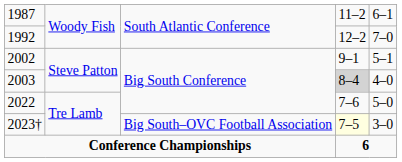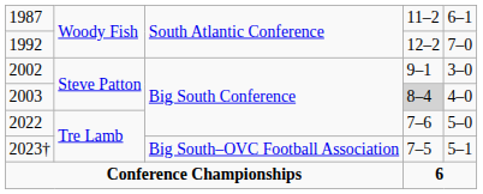 <table class="wikitable">
 <tr>
 <td>1987</td>
 <td rowspan="2"><a href='#'>Woody Fish</a></td>
 <td rowspan="2"><a href='#'>South Atlantic Conference</a></td>
 <td>11–2</td>
 <td>6–1</td>
 </tr>
 <tr>
 <td>1992</td>
 <td>12–2</td>
 <td>7–0</td>
 </tr>
 <tr>
 <td>2002</td>
 <td rowspan="2"><a href='#'>Steve Patton</a></td>
 <td rowspan="3"><a href='#'>Big South Conference</a></td>
 <td>9–1</td>
-<td>5–1</td>
+<td>3–0</td>
 </tr>
 <tr>
 <td>2003</td>
 <td style="background: lightgrey;">8–4</td>
 <td>4–0</td>
 </tr>
 <tr>
 <td>2022</td>
 <td rowspan="2"><a href='#'>Tre Lamb</a></td>
 <td>7–6</td>
 <td>5–0</td>
 </tr>
 <tr>
 <td>2023†</td>
 <td><a href='#'>Big South–OVC Football Association</a></td>
-<td style="background: lightyellow;">7–5</td>
-<td>3–0</td>
+<td>7–5</td>
+<td>5–1</td>
 </tr>
 <tr align="center">
 <td colspan=3><strong>Conference Championships</strong></td>
 <td colspan=3><strong>6</strong></td>
 </tr>
 </table>
